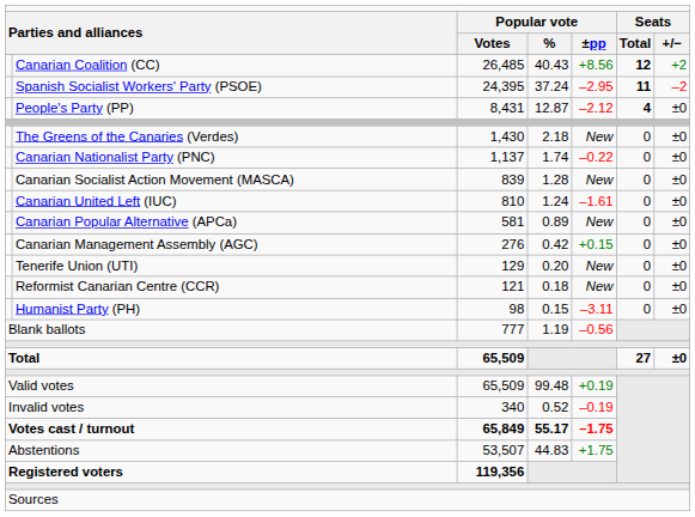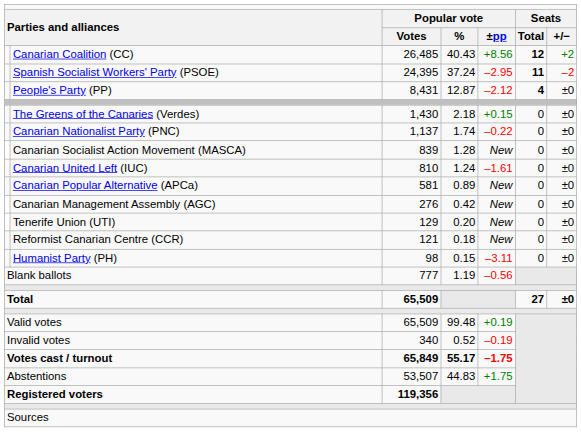 <table class="wikitable" style="text-align:right;">
 <tr>
 <td colspan="7"></td>
 </tr>
 <tr>
 <th style="text-align:left;" rowspan="2" colspan="2" width="525">Parties and alliances</th>
 <th colspan="3">Popular vote</th>
 <th colspan="2">Seats</th>
 </tr>
 <tr>
 <th width="75">Votes</th>
 <th width="45">%</th>
 <th width="45">±<a href='#'>pp</a></th>
 <th width="35">Total</th>
 <th width="35">+/−</th>
 </tr>
 <tr>
 <td width="1" style="color:inherit;background:"></td>
 <td align="left"><a href='#'>Canarian Coalition</a> (CC)</td>
 <td>26,485</td>
 <td>40.43</td>
 <td style="color:green;">+8.56</td>
 <td><strong>12</strong></td>
 <td style="color:green;">+2</td>
 </tr>
 <tr>
 <td style="color:inherit;background:"></td>
 <td align="left"><a href='#'>Spanish Socialist Workers' Party</a> (PSOE)</td>
 <td>24,395</td>
 <td>37.24</td>
 <td style="color:red;">–2.95</td>
 <td><strong>11</strong></td>
 <td style="color:red;">–2</td>
 </tr>
 <tr>
 <td style="color:inherit;background:"></td>
 <td align="left"><a href='#'>People's Party</a> (PP)</td>
 <td>8,431</td>
 <td>12.87</td>
 <td style="color:red;">–2.12</td>
 <td><strong>4</strong></td>
 <td>±0</td>
 </tr>
 <tr>
 <td colspan="7" style="color:inherit;background:#C0C0C0"></td>
 </tr>
 <tr>
 <td style="color:inherit;background:"></td>
 <td align="left"><a href='#'>The Greens of the Canaries</a> (Verdes)</td>
 <td>1,430</td>
 <td>2.18</td>
-<td><em>New</em></td>
+<td style="color:green;">+0.15</td>
 <td>0</td>
 <td>±0</td>
 </tr>
 <tr>
 <td style="color:inherit;background:"></td>
 <td align="left"><a href='#'>Canarian Nationalist Party</a> (PNC)</td>
 <td>1,137</td>
 <td>1.74</td>
 <td style="color:red;">–0.22</td>
 <td>0</td>
 <td>±0</td>
 </tr>
 <tr>
 <td bgcolor="white"></td>
 <td align="left">Canarian Socialist Action Movement (MASCA)</td>
 <td>839</td>
 <td>1.28</td>
 <td><em>New</em></td>
 <td>0</td>
 <td>±0</td>
 </tr>
 <tr>
 <td style="color:inherit;background:"></td>
 <td align="left"><a href='#'>Canarian United Left</a> (IUC)</td>
 <td>810</td>
 <td>1.24</td>
 <td style="color:red;">–1.61</td>
 <td>0</td>
 <td>±0</td>
 </tr>
 <tr>
 <td style="color:inherit;background:"></td>
 <td align="left"><a href='#'>Canarian Popular Alternative</a> (APCa)</td>
 <td>581</td>
 <td>0.89</td>
 <td><em>New</em></td>
 <td>0</td>
 <td>±0</td>
 </tr>
 <tr>
 <td bgcolor="white"></td>
 <td align="left">Canarian Management Assembly (AGC)</td>
 <td>276</td>
 <td>0.42</td>
-<td style="color:green;">+0.15</td>
+<td><em>New</em></td>
 <td>0</td>
 <td>±0</td>
 </tr>
 <tr>
 <td bgcolor="white"></td>
 <td align="left">Tenerife Union (UTI)</td>
 <td>129</td>
 <td>0.20</td>
 <td><em>New</em></td>
 <td>0</td>
 <td>±0</td>
 </tr>
 <tr>
 <td style="color:inherit;background:"></td>
 <td align="left">Reformist Canarian Centre (CCR)</td>
 <td>121</td>
 <td>0.18</td>
 <td><em>New</em></td>
 <td>0</td>
 <td>±0</td>
 </tr>
 <tr>
 <td style="color:inherit;background:"></td>
 <td align="left"><a href='#'>Humanist Party</a> (PH)</td>
 <td>98</td>
 <td>0.15</td>
 <td style="color:red;">–3.11</td>
 <td>0</td>
 <td>±0</td>
 </tr>
 <tr>
 <td align="left" colspan="2">Blank ballots</td>
 <td>777</td>
 <td>1.19</td>
 <td style="color:red;">–0.56</td>
 <td style="color:inherit;background:#E9E9E9" colspan="2"></td>
 </tr>
 <tr>
 <td colspan="7" style="color:inherit;background:#E9E9E9"></td>
 </tr>
 <tr style="font-weight:bold;">
 <td align="left" colspan="2">Total</td>
 <td>65,509</td>
 <td bgcolor="#E9E9E9" colspan="2"></td>
 <td>27</td>
 <td>±0</td>
 </tr>
 <tr>
 <td colspan="7" style="color:inherit;background:#E9E9E9"></td>
 </tr>
 <tr>
 <td align="left" colspan="2">Valid votes</td>
 <td>65,509</td>
 <td>99.48</td>
 <td style="color:green;">+0.19</td>
 <td bgcolor="#E9E9E9" colspan="2" rowspan="5"></td>
 </tr>
 <tr>
 <td align="left" colspan="2">Invalid votes</td>
 <td>340</td>
 <td>0.52</td>
 <td style="color:red;">–0.19</td>
 </tr>
 <tr style="font-weight:bold;">
 <td align="left" colspan="2">Votes cast / turnout</td>
 <td>65,849</td>
 <td>55.17</td>
 <td style="color:red;">–1.75</td>
 </tr>
 <tr>
 <td align="left" colspan="2">Abstentions</td>
 <td>53,507</td>
 <td>44.83</td>
 <td style="color:green;">+1.75</td>
 </tr>
 <tr style="font-weight:bold;">
 <td align="left" colspan="2">Registered voters</td>
 <td>119,356</td>
 <td bgcolor="#E9E9E9" colspan="2"></td>
 </tr>
 <tr>
 <td colspan="7" style="color:inherit;background:#E9E9E9"></td>
 </tr>
 <tr>
 <td align="left" colspan="7">Sources</td>
 </tr>
 </table>
